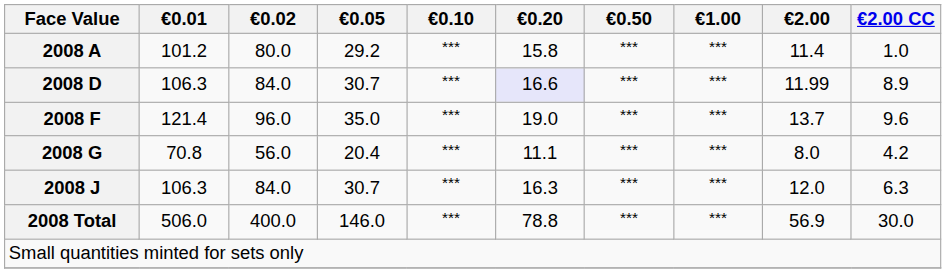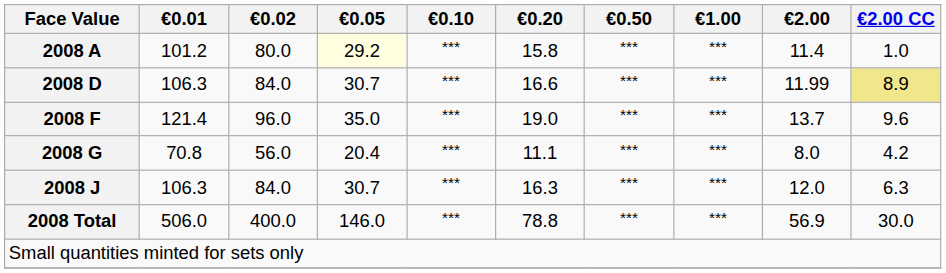 <table class="wikitable" style="text-align:center">
 <tr>
 <th align=left width=110px>Face Value</th>
 <th align=left width=70px>€0.01</th>
 <th align=left width=70px>€0.02</th>
 <th align=left width=70px>€0.05</th>
 <th align=left width=70px>€0.10</th>
 <th align=left width=70px>€0.20</th>
 <th align=left width=70px>€0.50</th>
 <th align=left width=70px>€1.00</th>
 <th align=left width=70px>€2.00</th>
 <th align=left width=70px><a href='#'>€2.00 CC</a></th>
 </tr>
 <tr>
 <th>2008 A</th>
 <td>101.2</td>
 <td>80.0</td>
-<td>29.2</td>
+<td style="background: lightyellow;">29.2</td>
 <td><sup>***</sup></td>
 <td>15.8</td>
 <td><sup>***</sup></td>
 <td><sup>***</sup></td>
 <td>11.4</td>
 <td>1.0</td>
 </tr>
 <tr>
 <th>2008 D</th>
 <td>106.3</td>
 <td>84.0</td>
 <td>30.7</td>
 <td><sup>***</sup></td>
-<td style="background: lavender;">16.6</td>
+<td>16.6</td>
 <td><sup>***</sup></td>
 <td><sup>***</sup></td>
 <td>11.99</td>
-<td>8.9</td>
+<td style="background: khaki;">8.9</td>
 </tr>
 <tr>
 <th>2008 F</th>
 <td>121.4</td>
 <td>96.0</td>
 <td>35.0</td>
 <td><sup>***</sup></td>
 <td>19.0</td>
 <td><sup>***</sup></td>
 <td><sup>***</sup></td>
 <td>13.7</td>
 <td>9.6</td>
 </tr>
 <tr>
 <th>2008 G</th>
 <td>70.8</td>
 <td>56.0</td>
 <td>20.4</td>
 <td><sup>***</sup></td>
 <td>11.1</td>
 <td><sup>***</sup></td>
 <td><sup>***</sup></td>
 <td>8.0</td>
 <td>4.2</td>
 </tr>
 <tr>
 <th>2008 J</th>
 <td>106.3</td>
 <td>84.0</td>
 <td>30.7</td>
 <td><sup>***</sup></td>
 <td>16.3</td>
 <td><sup>***</sup></td>
 <td><sup>***</sup></td>
 <td>12.0</td>
 <td>6.3</td>
 </tr>
 <tr>
 <th>2008 Total</th>
 <td>506.0</td>
 <td>400.0</td>
 <td>146.0</td>
 <td><sup>***</sup></td>
 <td>78.8</td>
 <td><sup>***</sup></td>
 <td><sup>***</sup></td>
 <td>56.9</td>
 <td>30.0</td>
 </tr>
 <tr>
 <td align=left colspan=10> Small quantities minted for sets only</td>
 </tr>
 <tr>
 </tr>
 </table>
